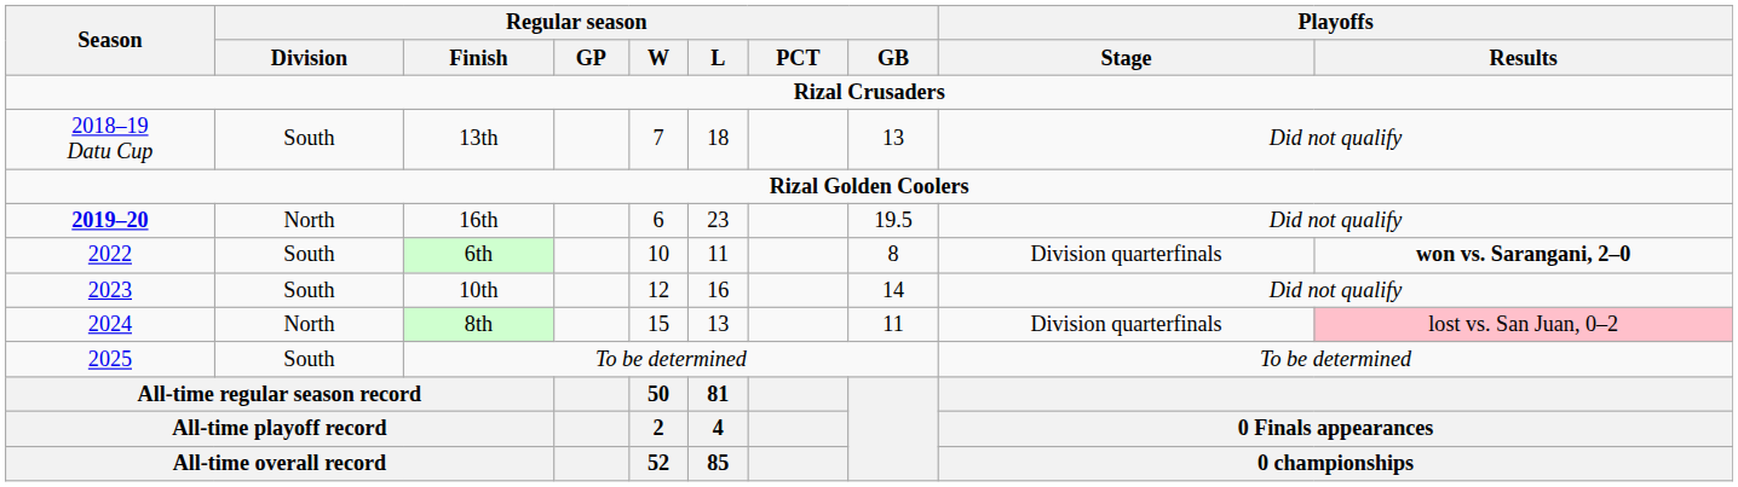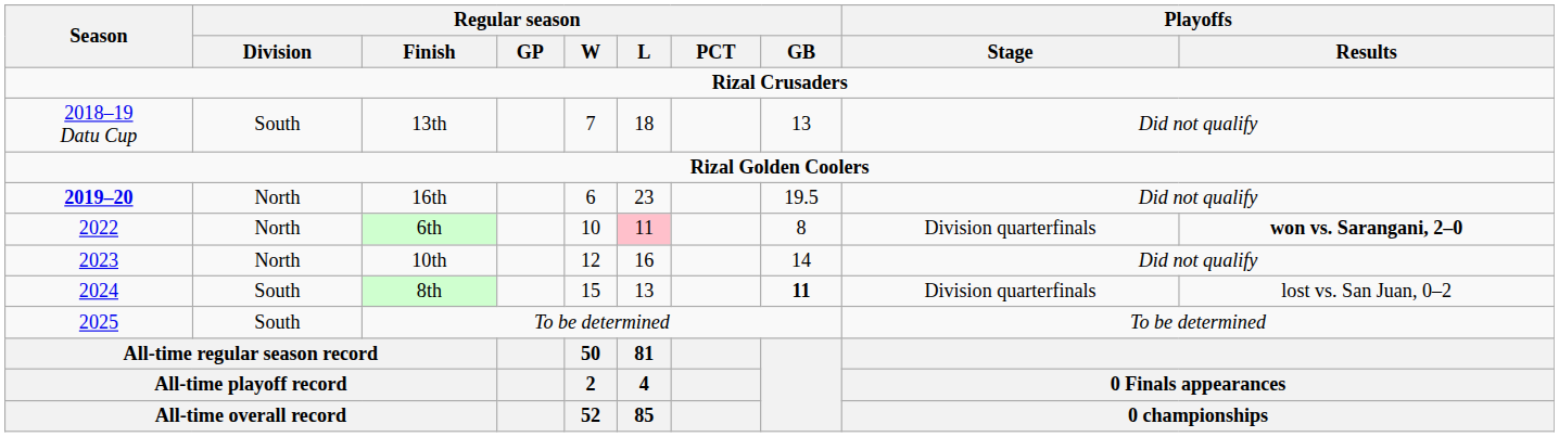 <table class=wikitable style="width:100%; text-align:center">
 <tr>
 <th rowspan=2>Season</th>
 <th colspan=7>Regular season</th>
 <th colspan=2>Playoffs</th>
 </tr>
 <tr>
 <th>Division</th>
 <th>Finish</th>
 <th>GP</th>
 <th>W</th>
 <th>L</th>
 <th>PCT</th>
 <th>GB</th>
 <th>Stage</th>
 <th>Results</th>
 </tr>
 <tr>
 <td colspan=10><span><strong>Rizal Crusaders</strong></span></td>
 </tr>
 <tr>
 <td><a href='#'>2018–19</a> <br> <em>Datu Cup</em></td>
 <td>South</td>
 <td>13th</td>
 <td></td>
 <td>7</td>
 <td>18</td>
 <td></td>
 <td>13</td>
 <td colspan="2"><em>Did not qualify</em></td>
 </tr>
 <tr>
 <td colspan=10><span><strong>Rizal Golden Coolers</strong></span></td>
 </tr>
 <tr>
 <td><strong><a href='#'>2019–20</a> <br> <em></em></strong></td>
 <td>North</td>
 <td>16th</td>
 <td></td>
 <td>6</td>
 <td>23</td>
 <td></td>
 <td>19.5</td>
 <td colspan="2"><em>Did not qualify</em></td>
 </tr>
 <tr>
 <td><a href='#'>2022</a></td>
-<td>South</td>
+<td>North</td>
 <td bgcolor="#CFFFCF">6th</td>
 <td></td>
 <td>10</td>
-<td>11</td>
+<td style="background: pink;">11</td>
 <td></td>
 <td>8</td>
 <td>Division quarterfinals<br></td>
 <td><strong>won vs. Sarangani, 2–0</strong><br></td>
 </tr>
 <tr>
 <td><a href='#'>2023</a></td>
-<td>South</td>
+<td>North</td>
 <td>10th</td>
 <td></td>
 <td>12</td>
 <td>16</td>
 <td></td>
 <td>14</td>
 <td colspan="2"><em>Did not qualify</em></td>
 </tr>
 <tr>
 <td><a href='#'>2024</a></td>
-<td>North</td>
+<td>South</td>
 <td bgcolor="#CFFFCF">8th</td>
 <td></td>
 <td>15</td>
 <td>13</td>
 <td></td>
-<td>11</td>
+<td><strong>11</strong></td>
 <td>Division quarterfinals</td>
-<td style="background: pink;">lost vs. San Juan, 0–2</td>
+<td>lost vs. San Juan, 0–2</td>
 </tr>
 <tr>
 <td><a href='#'>2025</a></td>
 <td>South</td>
 <td colspan=6><em>To be determined</em></td>
 <td colspan=2><em>To be determined</em></td>
 </tr>
 <tr>
 <th colspan=3>All-time regular season record</th>
 <th></th>
 <th>50</th>
 <th>81</th>
 <th></th>
 <th rowspan=3></th>
 <th colspan=2></th>
 </tr>
 <tr>
 <th colspan=3>All-time playoff record</th>
 <th></th>
 <th>2</th>
 <th>4</th>
 <th></th>
 <th colspan=2>0 Finals appearances</th>
 </tr>
 <tr>
 <th colspan=3>All-time overall record</th>
 <th></th>
 <th>52</th>
 <th>85</th>
 <th></th>
 <th colspan=2>0 championships</th>
 </tr>
 </table>
